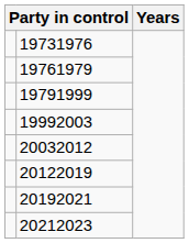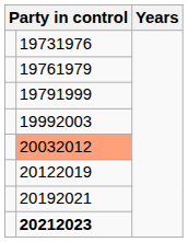 <table class="wikitable">
 <tr>
 <th colspan="2">Party in control</th>
 <th>Years</th>
 </tr>
 <tr>
 <td></td>
 <td>19731976</td>
 </tr>
 <tr>
 <td></td>
 <td>19761979</td>
 </tr>
 <tr>
 <td></td>
 <td>19791999</td>
 </tr>
 <tr>
 <td></td>
 <td>19992003</td>
 </tr>
 <tr>
 <td></td>
-<td>20032012</td>
+<td style="background: lightsalmon;">20032012</td>
 </tr>
 <tr>
 <td></td>
 <td>20122019</td>
 </tr>
 <tr>
 <td></td>
 <td>20192021</td>
 </tr>
 <tr>
 <td></td>
-<td>20212023</td>
+<td><strong>20212023</strong></td>
 </tr>
 </table>
